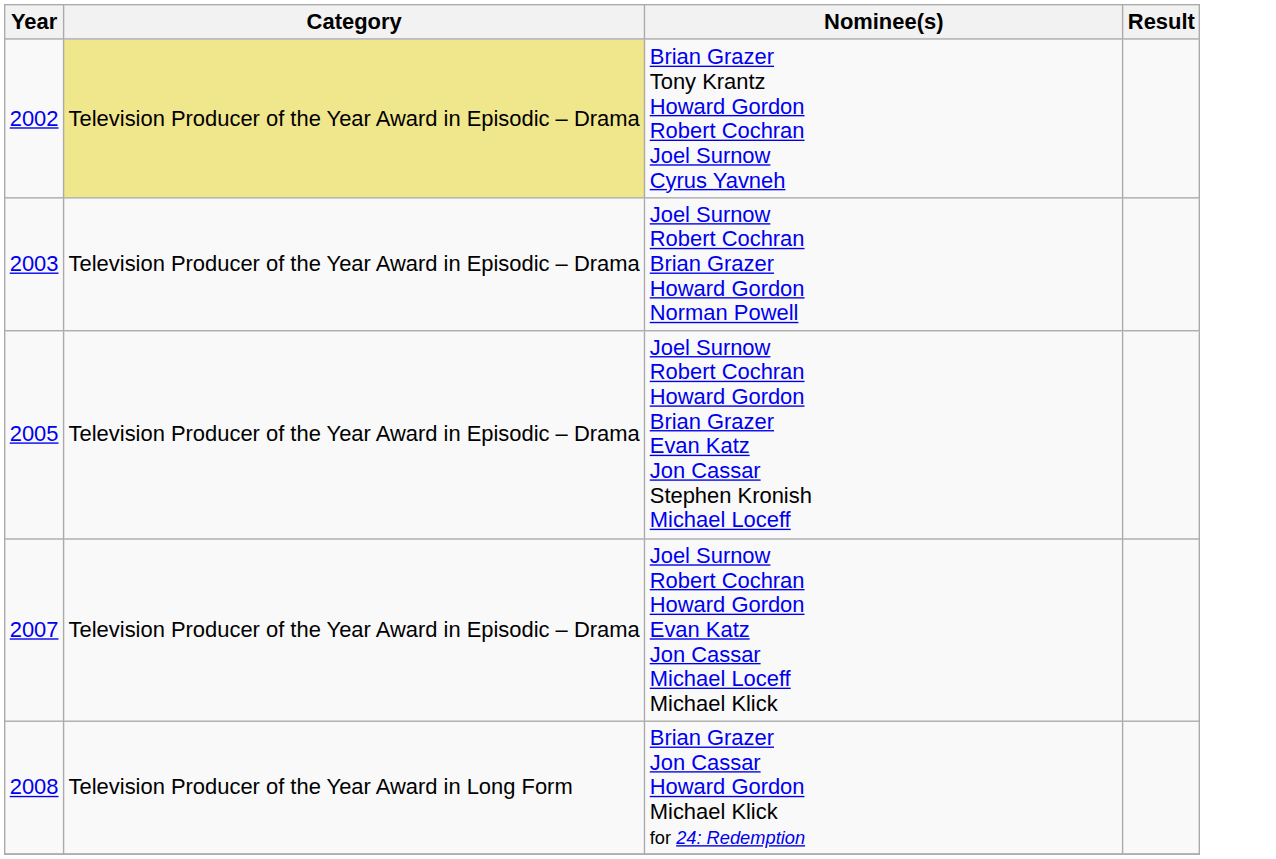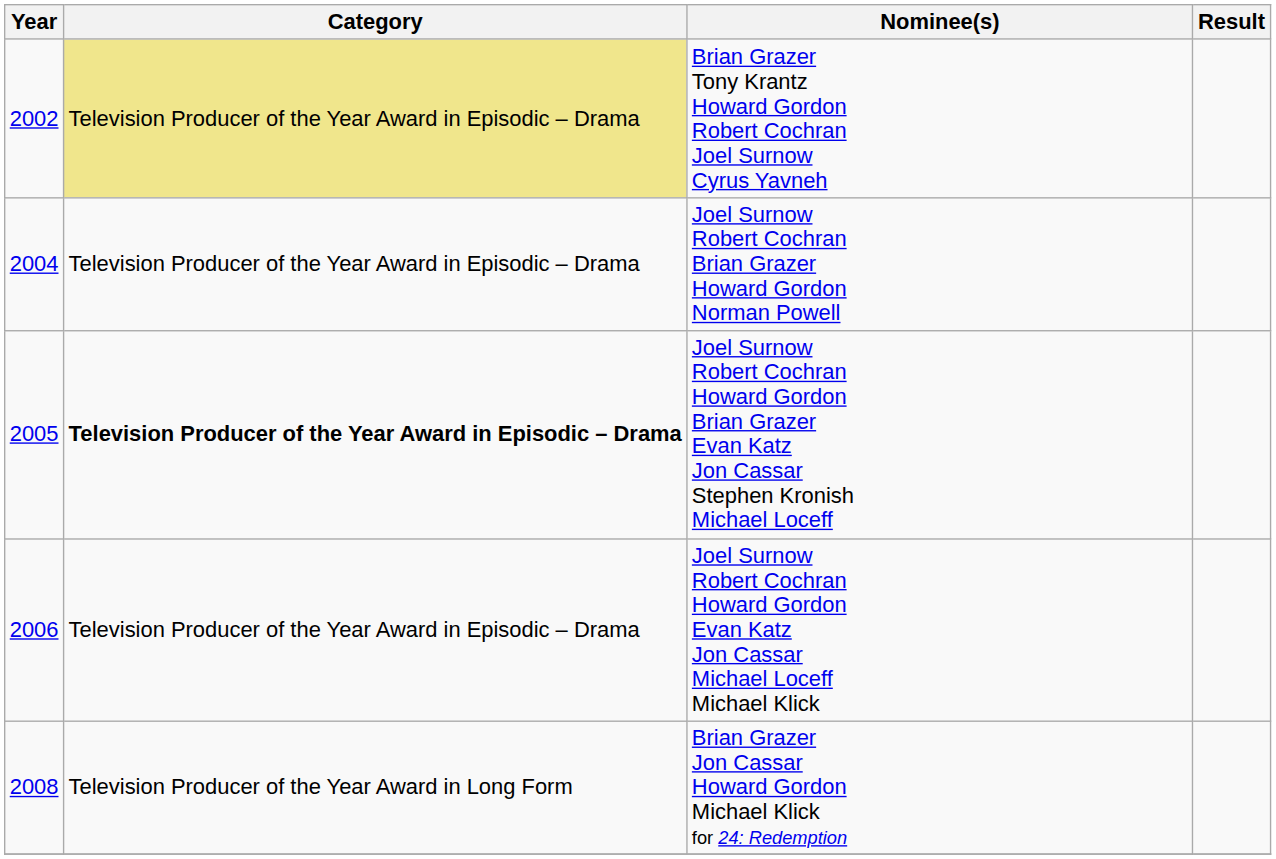 <table class="wikitable">
 <tr>
 <th>Year</th>
 <th>Category</th>
 <th style="width:40%;">Nominee(s)</th>
 <th>Result</th>
 </tr>
 <tr>
 <td rowspan=1><a href='#'>2002</a></td>
 <td style="background: khaki;">Television Producer of the Year Award in Episodic – Drama</td>
 <td><a href='#'>Brian Grazer</a><br>Tony Krantz<br><a href='#'>Howard Gordon</a><br><a href='#'>Robert Cochran</a><br><a href='#'>Joel Surnow</a><br><a href='#'>Cyrus Yavneh</a></td>
 <td></td>
 </tr>
 <tr>
-<td rowspan=1><a href='#'>2003</a></td>
+<td rowspan=1><a href='#'>2004</a></td>
 <td>Television Producer of the Year Award in Episodic – Drama</td>
 <td><a href='#'>Joel Surnow</a><br><a href='#'>Robert Cochran</a><br><a href='#'>Brian Grazer</a><br><a href='#'>Howard Gordon</a><br><a href='#'>Norman Powell</a></td>
 <td></td>
 </tr>
 <tr>
 <td rowspan=1><a href='#'>2005</a></td>
-<td>Television Producer of the Year Award in Episodic – Drama</td>
+<td><strong>Television Producer of the Year Award in Episodic – Drama</strong></td>
 <td><a href='#'>Joel Surnow</a><br><a href='#'>Robert Cochran</a><br><a href='#'>Howard Gordon</a><br><a href='#'>Brian Grazer</a><br><a href='#'>Evan Katz</a><br><a href='#'>Jon Cassar</a><br>Stephen Kronish<br><a href='#'>Michael Loceff</a></td>
 <td></td>
 </tr>
 <tr>
-<td rowspan=1><a href='#'>2007</a></td>
+<td rowspan=1><a href='#'>2006</a></td>
 <td>Television Producer of the Year Award in Episodic – Drama</td>
 <td><a href='#'>Joel Surnow</a><br><a href='#'>Robert Cochran</a><br><a href='#'>Howard Gordon</a><br><a href='#'>Evan Katz</a><br><a href='#'>Jon Cassar</a><br><a href='#'>Michael Loceff</a><br>Michael Klick</td>
 <td></td>
 </tr>
 <tr>
 <td rowspan=1><a href='#'>2008</a></td>
 <td>Television Producer of the Year Award in Long Form</td>
 <td><a href='#'>Brian Grazer</a><br><a href='#'>Jon Cassar</a><br><a href='#'>Howard Gordon</a><br>Michael Klick<br><small>for <em><a href='#'>24: Redemption</a></em></small></td>
 <td></td>
 </tr>
 <tr>
 </tr>
 </table>
